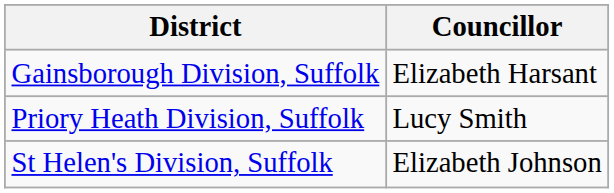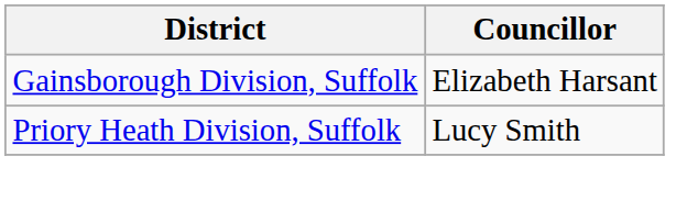 <table class="wikitable">
 <tr>
 <th>District</th>
 <th>Councillor</th>
 </tr>
 <tr>
 <td><a href='#'>Gainsborough Division, Suffolk</a></td>
 <td ! style="background-color:">Elizabeth Harsant</td>
 </tr>
 <tr>
 <td><a href='#'>Priory Heath Division, Suffolk</a></td>
 <td ! style="background-color:">Lucy Smith</td>
 </tr>
-<tr>
-<td><a href='#'>St Helen's Division, Suffolk</a></td>
-<td ! style="background-color:">Elizabeth Johnson</td>
-</tr>
 </table>
